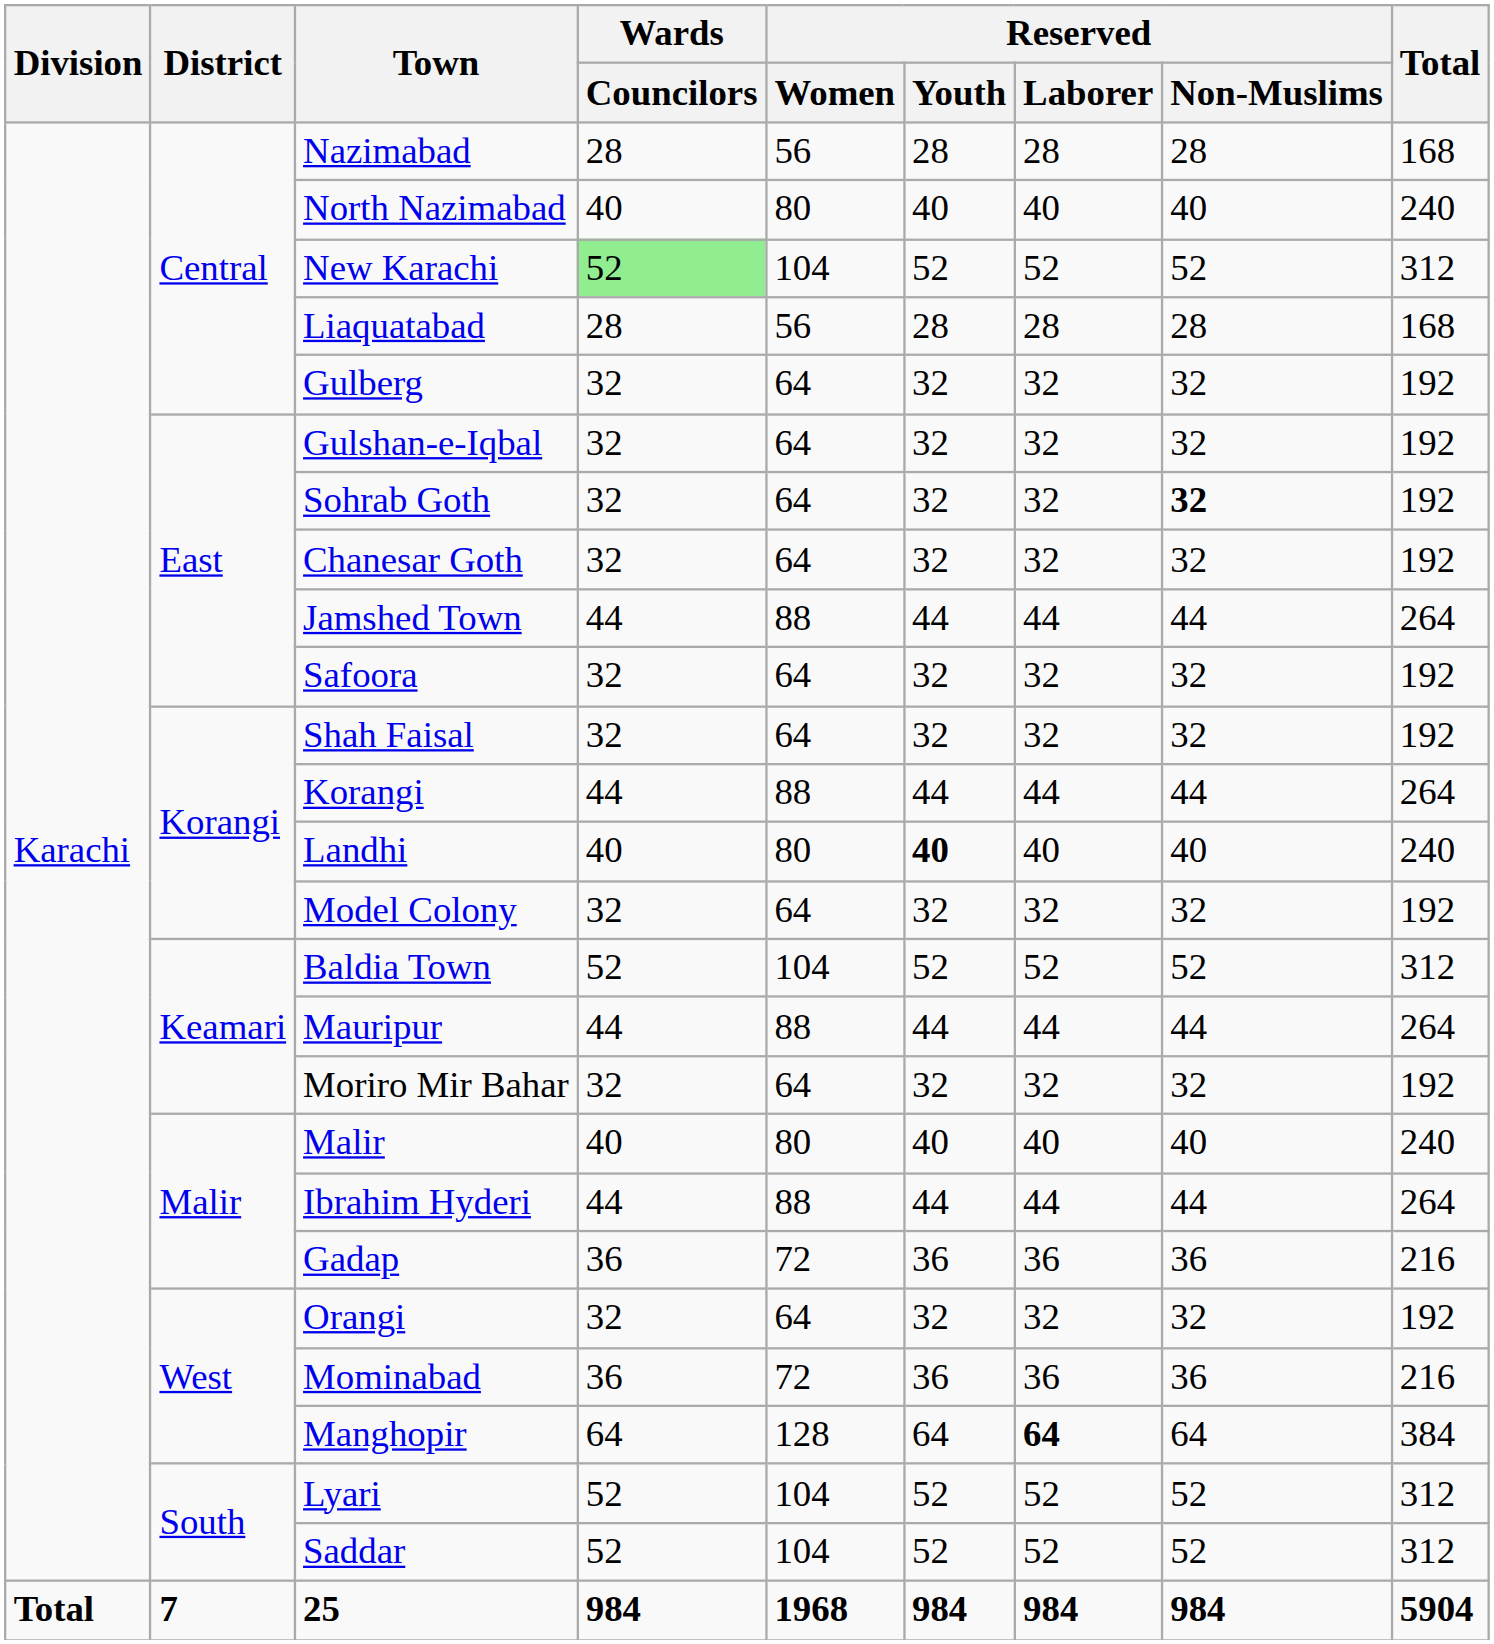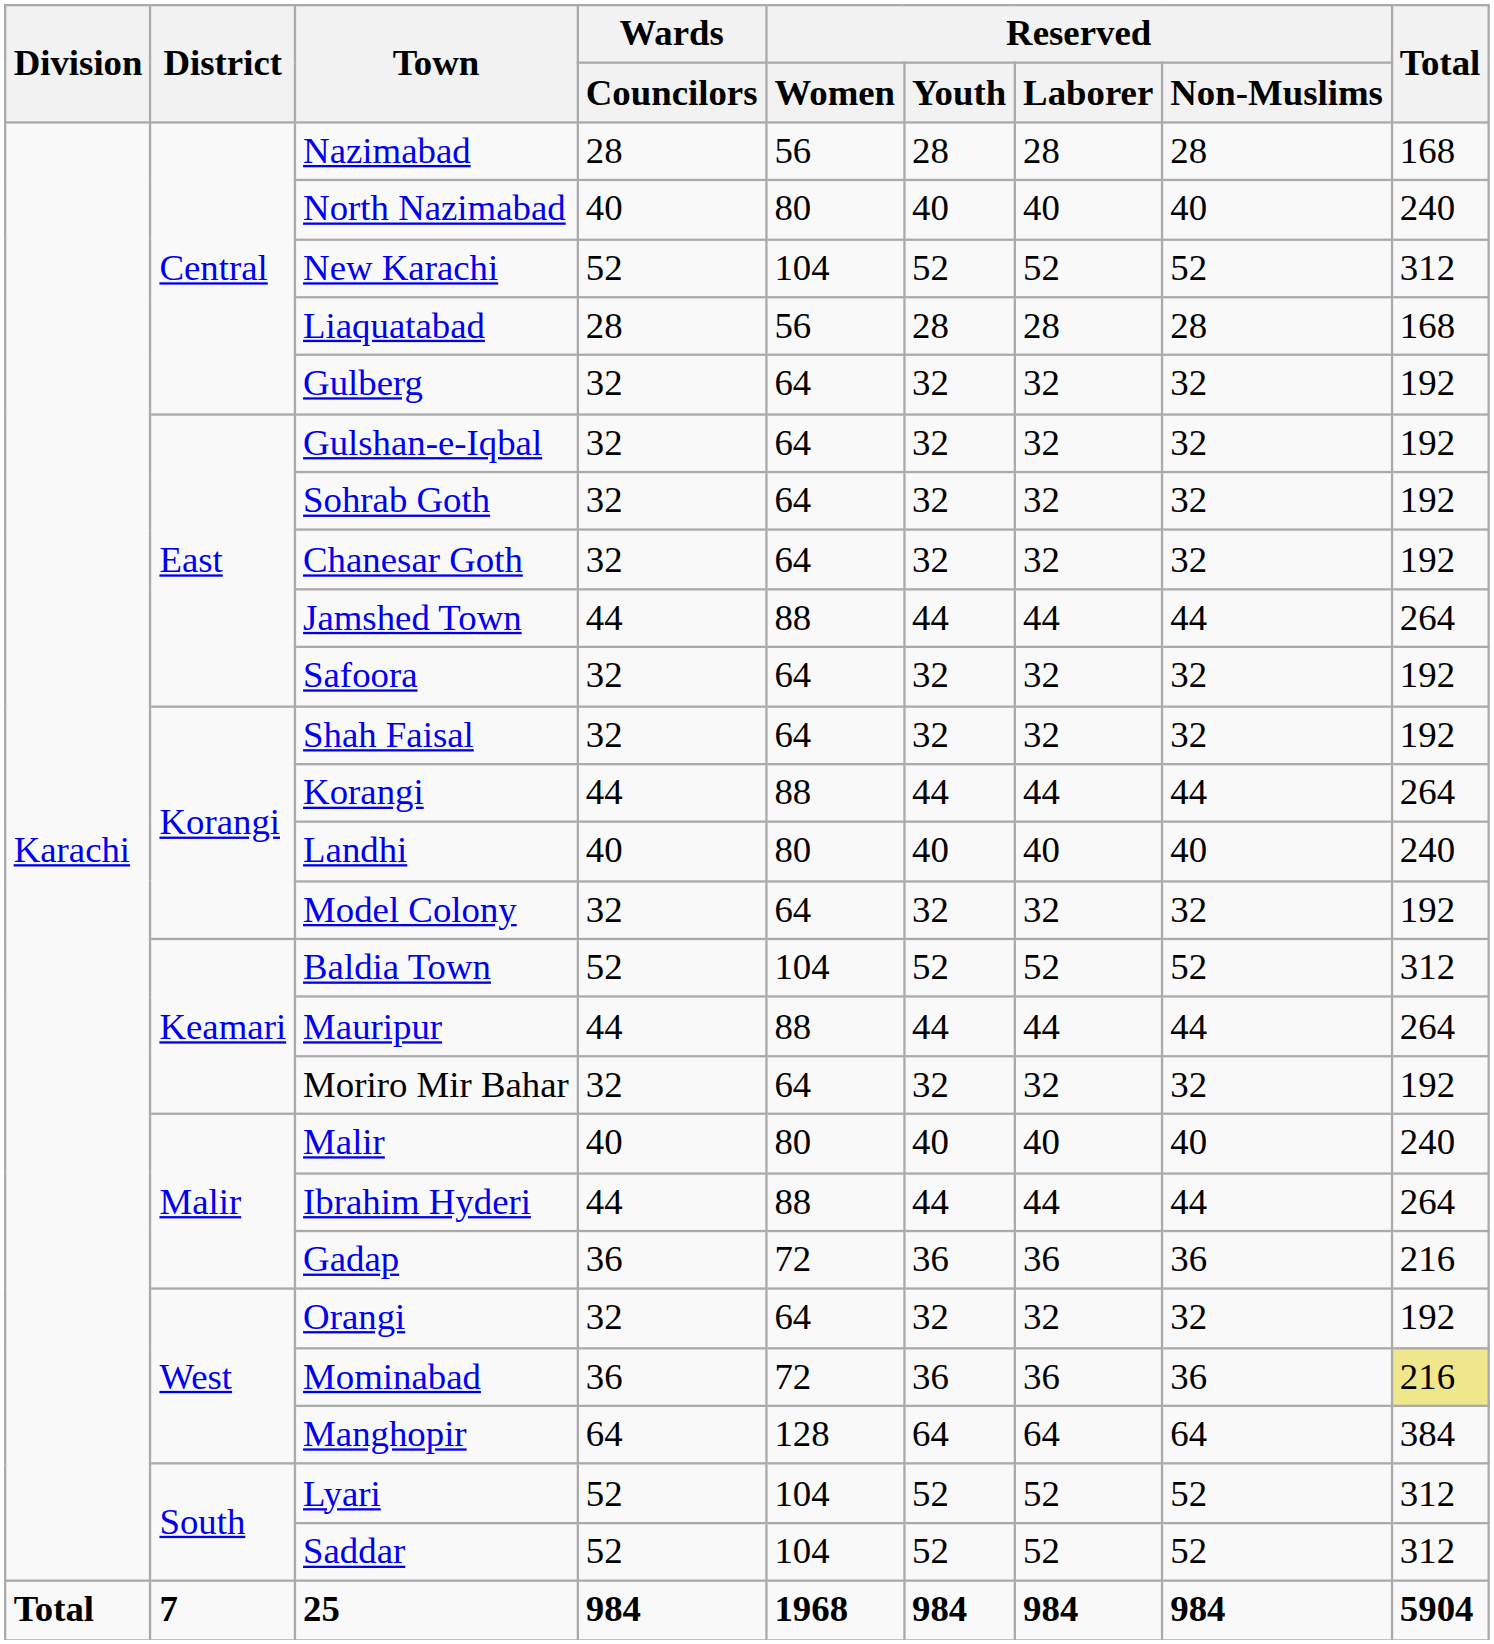 <table class="wikitable">
 <tr>
 <th rowspan="2">Division</th>
 <th rowspan="2">District</th>
 <th rowspan="2">Town</th>
 <th>Wards</th>
 <th colspan="4">Reserved</th>
 <th rowspan="2">Total</th>
 </tr>
 <tr>
 <th>Councilors</th>
 <th>Women</th>
 <th>Youth</th>
 <th>Laborer</th>
 <th>Non-Muslims</th>
 </tr>
 <tr>
 <td rowspan="25"><a href='#'>Karachi</a></td>
 <td rowspan="5"><a href='#'>Central</a></td>
 <td><a href='#'>Nazimabad</a></td>
 <td>28</td>
 <td>56</td>
 <td>28</td>
 <td>28</td>
 <td>28</td>
 <td>168</td>
 </tr>
 <tr>
 <td><a href='#'>North Nazimabad</a></td>
 <td>40</td>
 <td>80</td>
 <td>40</td>
 <td>40</td>
 <td>40</td>
 <td>240</td>
 </tr>
 <tr>
 <td><a href='#'>New Karachi</a></td>
-<td style="background: lightgreen;">52</td>
+<td>52</td>
 <td>104</td>
 <td>52</td>
 <td>52</td>
 <td>52</td>
 <td>312</td>
 </tr>
 <tr>
 <td><a href='#'>Liaquatabad</a></td>
 <td>28</td>
 <td>56</td>
 <td>28</td>
 <td>28</td>
 <td>28</td>
 <td>168</td>
 </tr>
 <tr>
 <td><a href='#'>Gulberg</a></td>
 <td>32</td>
 <td>64</td>
 <td>32</td>
 <td>32</td>
 <td>32</td>
 <td>192</td>
 </tr>
 <tr>
 <td rowspan="5"><a href='#'>East</a></td>
 <td><a href='#'>Gulshan-e-Iqbal</a></td>
 <td>32</td>
 <td>64</td>
 <td>32</td>
 <td>32</td>
 <td>32</td>
 <td>192</td>
 </tr>
 <tr>
 <td><a href='#'>Sohrab Goth</a></td>
 <td>32</td>
 <td>64</td>
 <td>32</td>
 <td>32</td>
-<td><strong>32</strong></td>
+<td>32</td>
 <td>192</td>
 </tr>
 <tr>
 <td><a href='#'>Chanesar Goth</a></td>
 <td>32</td>
 <td>64</td>
 <td>32</td>
 <td>32</td>
 <td>32</td>
 <td>192</td>
 </tr>
 <tr>
 <td><a href='#'>Jamshed Town</a></td>
 <td>44</td>
 <td>88</td>
 <td>44</td>
 <td>44</td>
 <td>44</td>
 <td>264</td>
 </tr>
 <tr>
 <td><a href='#'>Safoora</a></td>
 <td>32</td>
 <td>64</td>
 <td>32</td>
 <td>32</td>
 <td>32</td>
 <td>192</td>
 </tr>
 <tr>
 <td rowspan="4"><a href='#'>Korangi</a></td>
 <td><a href='#'>Shah Faisal</a></td>
 <td>32</td>
 <td>64</td>
 <td>32</td>
 <td>32</td>
 <td>32</td>
 <td>192</td>
 </tr>
 <tr>
 <td><a href='#'>Korangi</a></td>
 <td>44</td>
 <td>88</td>
 <td>44</td>
 <td>44</td>
 <td>44</td>
 <td>264</td>
 </tr>
 <tr>
 <td><a href='#'>Landhi</a></td>
 <td>40</td>
 <td>80</td>
-<td><strong>40</strong></td>
+<td>40</td>
 <td>40</td>
 <td>40</td>
 <td>240</td>
 </tr>
 <tr>
 <td><a href='#'>Model Colony</a></td>
 <td>32</td>
 <td>64</td>
 <td>32</td>
 <td>32</td>
 <td>32</td>
 <td>192</td>
 </tr>
 <tr>
 <td rowspan="3"><a href='#'>Keamari</a></td>
 <td><a href='#'>Baldia Town</a></td>
 <td>52</td>
 <td>104</td>
 <td>52</td>
 <td>52</td>
 <td>52</td>
 <td>312</td>
 </tr>
 <tr>
 <td><a href='#'>Mauripur</a></td>
 <td>44</td>
 <td>88</td>
 <td>44</td>
 <td>44</td>
 <td>44</td>
 <td>264</td>
 </tr>
 <tr>
 <td>Moriro Mir Bahar</td>
 <td>32</td>
 <td>64</td>
 <td>32</td>
 <td>32</td>
 <td>32</td>
 <td>192</td>
 </tr>
 <tr>
 <td rowspan="3"><a href='#'>Malir</a></td>
 <td><a href='#'>Malir</a></td>
 <td>40</td>
 <td>80</td>
 <td>40</td>
 <td>40</td>
 <td>40</td>
 <td>240</td>
 </tr>
 <tr>
 <td><a href='#'>Ibrahim Hyderi</a></td>
 <td>44</td>
 <td>88</td>
 <td>44</td>
 <td>44</td>
 <td>44</td>
 <td>264</td>
 </tr>
 <tr>
 <td><a href='#'>Gadap</a></td>
 <td>36</td>
 <td>72</td>
 <td>36</td>
 <td>36</td>
 <td>36</td>
 <td>216</td>
 </tr>
 <tr>
 <td rowspan="3"><a href='#'>West</a></td>
 <td><a href='#'>Orangi</a></td>
 <td>32</td>
 <td>64</td>
 <td>32</td>
 <td>32</td>
 <td>32</td>
 <td>192</td>
 </tr>
 <tr>
 <td><a href='#'>Mominabad</a></td>
 <td>36</td>
 <td>72</td>
 <td>36</td>
 <td>36</td>
 <td>36</td>
-<td>216</td>
+<td style="background: khaki;">216</td>
 </tr>
 <tr>
 <td><a href='#'>Manghopir</a></td>
 <td>64</td>
 <td>128</td>
 <td>64</td>
-<td><strong>64</strong></td>
+<td>64</td>
 <td>64</td>
 <td>384</td>
 </tr>
 <tr>
 <td rowspan="2"><a href='#'>South</a></td>
 <td><a href='#'>Lyari</a></td>
 <td>52</td>
 <td>104</td>
 <td>52</td>
 <td>52</td>
 <td>52</td>
 <td>312</td>
 </tr>
 <tr>
 <td><a href='#'>Saddar</a></td>
 <td>52</td>
 <td>104</td>
 <td>52</td>
 <td>52</td>
 <td>52</td>
 <td>312</td>
 </tr>
 <tr>
 <td><strong>Total</strong></td>
 <td><strong>7</strong></td>
 <td><strong>25</strong></td>
 <td><strong>984</strong></td>
 <td><strong>1968</strong></td>
 <td><strong>984</strong></td>
 <td><strong>984</strong></td>
 <td><strong>984</strong></td>
 <td><strong>5904</strong></td>
 </tr>
 </table>
